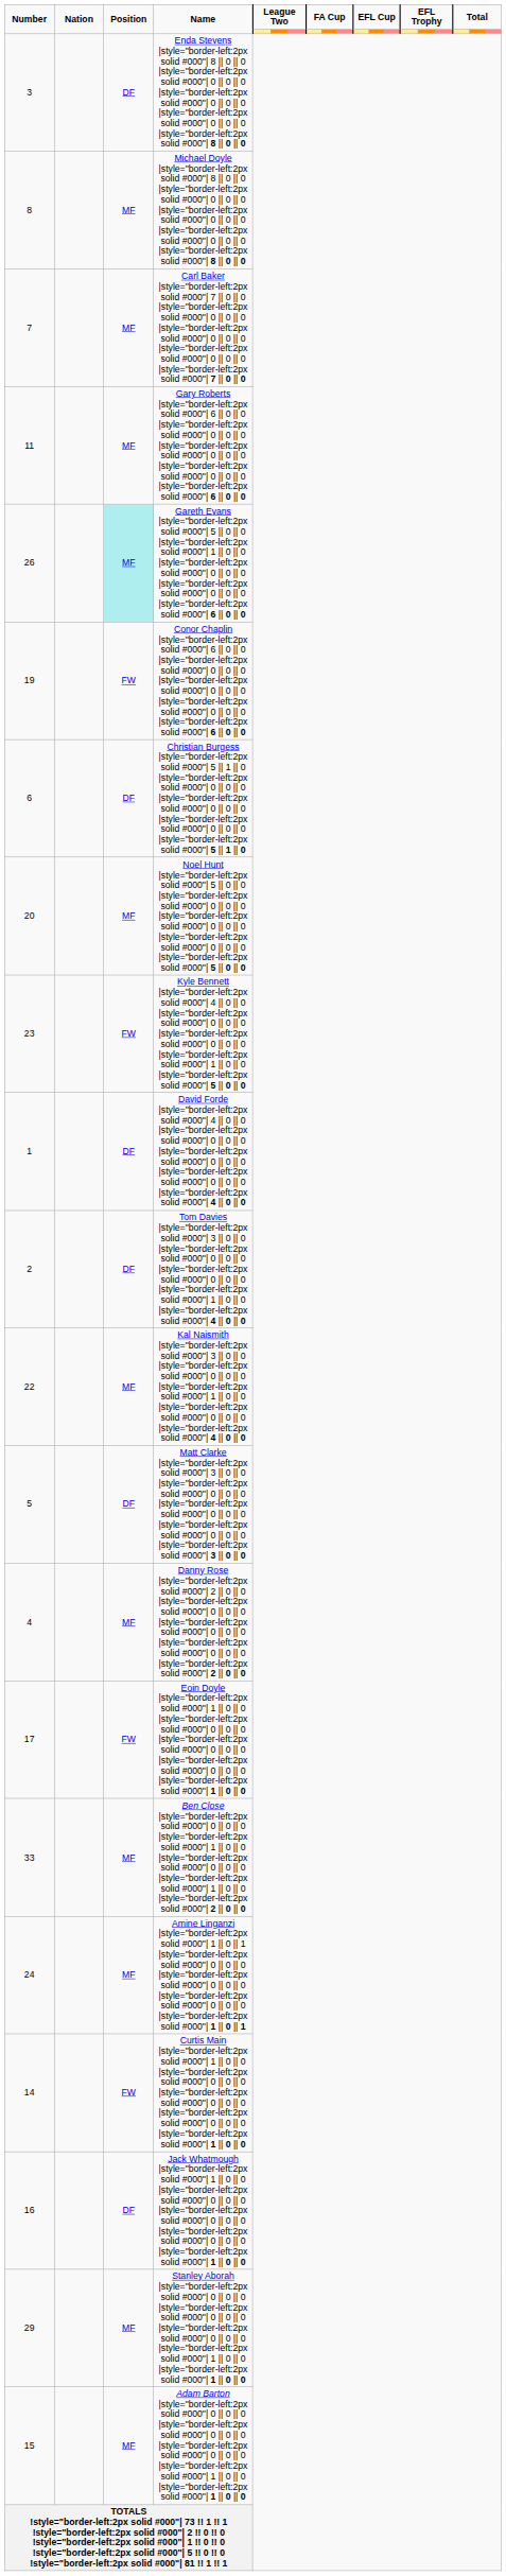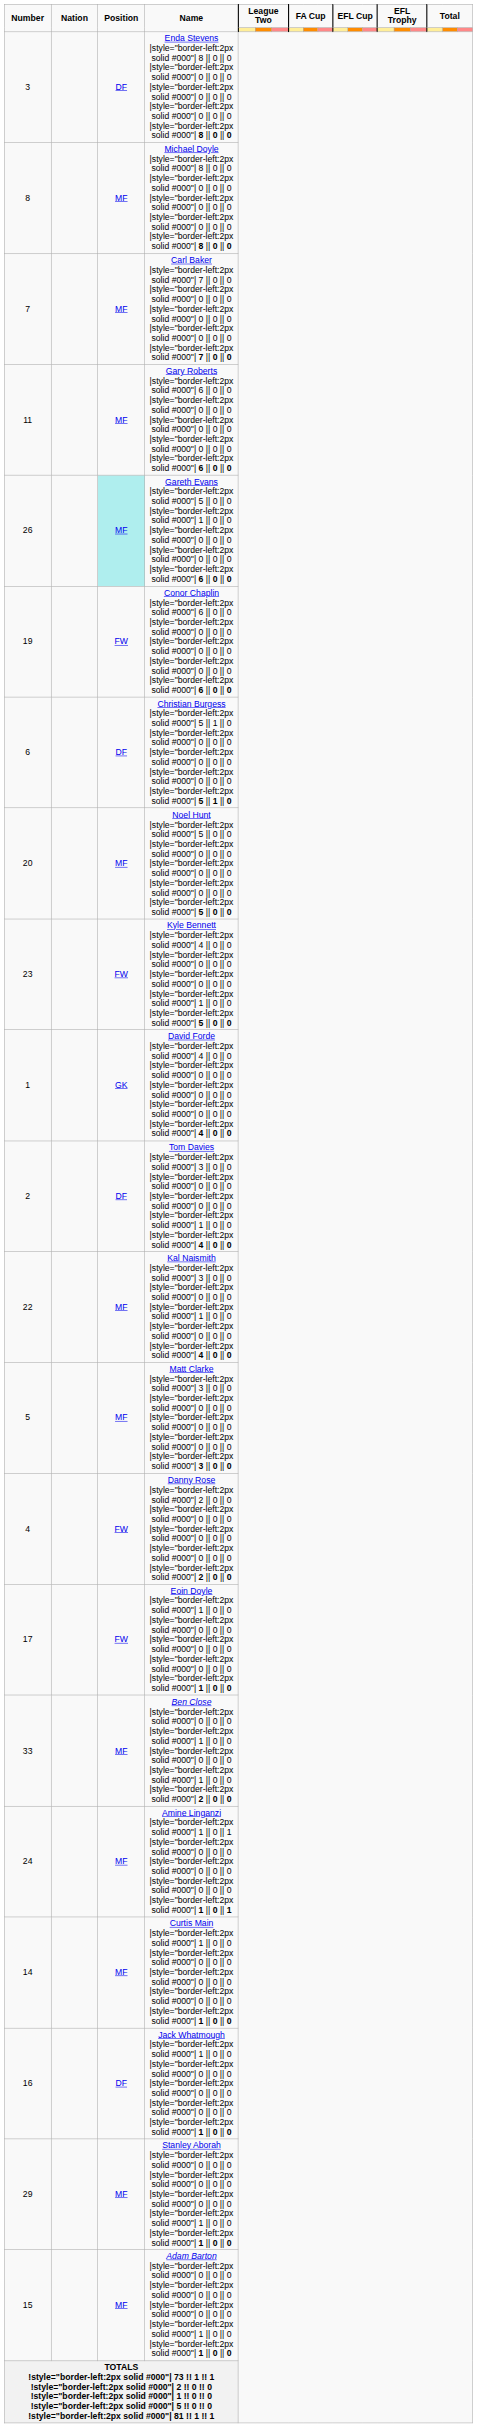 <table class="wikitable" style="text-align:center">
 <tr style="text-align:center">
 <td rowspan="2" style="width:10%; "><strong>Number</strong></td>
 <td rowspan="2" style="width:10%; "><strong>Nation</strong></td>
 <td rowspan="2" style="width:10%; "><strong>Position</strong></td>
 <td rowspan="2" style="width:20%; "><strong>Name</strong></td>
 <td colspan="3" style="border-left:2px solid #000"><strong>League Two</strong></td>
 <td colspan="3" style="border-left:2px solid #000"><strong>FA Cup</strong></td>
 <td colspan="3" style="border-left:2px solid #000"><strong>EFL Cup</strong></td>
 <td colspan="3" style="border-left:2px solid #000"><strong>EFL Trophy</strong></td>
 <td colspan="3" style="border-left:2px solid #000"><strong>Total</strong></td>
 </tr>
 <tr>
 <th style="width:30px; background:#fe9; border-left:2px solid #000"></th>
 <th style="width:30px; background:#ff8c00;"></th>
 <th style="width:30px; background:#ff8888;"></th>
 <th style="width:30px; background:#fe9; border-left:2px solid #000"></th>
 <th style="width:30px; background:#ff8c00;"></th>
 <th style="width:30px; background:#ff8888;"></th>
 <th style="width:30px; background:#fe9; border-left:2px solid #000"></th>
 <th style="width:30px; background:#ff8c00;"></th>
 <th style="width:30px; background:#ff8888;"></th>
 <th style="width:30px; background:#fe9; border-left:2px solid #000"></th>
 <th style="width:30px; background:#ff8c00;"></th>
 <th style="width:30px; background:#ff8888;"></th>
 <th style="width:30px; background:#fe9; border-left:2px solid #000"></th>
 <th style="width:30px; background:#ff8c00;"></th>
 <th style="width:30px; background:#ff8888;"></th>
 </tr>
 <tr>
 <td>3</td>
 <td></td>
 <td><a href='#'>DF</a></td>
 <td><a href='#'>Enda Stevens</a><br> |style="border-left:2px solid #000"| 8 || 0 || 0  |style="border-left:2px solid #000"| 0 || 0 || 0   |style="border-left:2px solid #000"| 0 || 0 || 0  |style="border-left:2px solid #000"| 0 || 0 || 0  |style="border-left:2px solid #000"| <strong>8</strong> || <strong>0</strong> || <strong>0</strong></td>
 </tr>
 <tr>
 <td>8</td>
 <td></td>
 <td><a href='#'>MF</a></td>
 <td><a href='#'>Michael Doyle</a><br> |style="border-left:2px solid #000"| 8 || 0 || 0  |style="border-left:2px solid #000"| 0 || 0 || 0   |style="border-left:2px solid #000"| 0 || 0 || 0  |style="border-left:2px solid #000"| 0 || 0 || 0  |style="border-left:2px solid #000"| <strong>8</strong> || <strong>0</strong> || <strong>0</strong></td>
 </tr>
 <tr>
 <td>7</td>
 <td></td>
 <td><a href='#'>MF</a></td>
 <td><a href='#'>Carl Baker</a><br> |style="border-left:2px solid #000"| 7 || 0 || 0  |style="border-left:2px solid #000"| 0 || 0 || 0   |style="border-left:2px solid #000"| 0 || 0 || 0  |style="border-left:2px solid #000"| 0 || 0 || 0  |style="border-left:2px solid #000"| <strong>7</strong> || <strong>0</strong> || <strong>0</strong></td>
 </tr>
 <tr>
 <td>11</td>
 <td></td>
 <td><a href='#'>MF</a></td>
 <td><a href='#'>Gary Roberts</a><br> |style="border-left:2px solid #000"| 6 || 0 || 0  |style="border-left:2px solid #000"| 0 || 0 || 0   |style="border-left:2px solid #000"| 0 || 0 || 0  |style="border-left:2px solid #000"| 0 || 0 || 0  |style="border-left:2px solid #000"| <strong>6</strong> || <strong>0</strong> || <strong>0</strong></td>
 </tr>
 <tr>
 <td>26</td>
 <td></td>
 <td style="background: paleturquoise;"><a href='#'>MF</a></td>
 <td><a href='#'>Gareth Evans</a><br> |style="border-left:2px solid #000"| 5 || 0 || 0  |style="border-left:2px solid #000"| 1 || 0 || 0   |style="border-left:2px solid #000"| 0 || 0 || 0  |style="border-left:2px solid #000"| 0 || 0 || 0  |style="border-left:2px solid #000"| <strong>6</strong> || <strong>0</strong> || <strong>0</strong></td>
 </tr>
 <tr>
 <td>19</td>
 <td></td>
 <td><a href='#'>FW</a></td>
 <td><a href='#'>Conor Chaplin</a><br> |style="border-left:2px solid #000"| 6 || 0 || 0  |style="border-left:2px solid #000"| 0 || 0 || 0   |style="border-left:2px solid #000"| 0 || 0 || 0  |style="border-left:2px solid #000"| 0 || 0 || 0  |style="border-left:2px solid #000"| <strong>6</strong> || <strong>0</strong> || <strong>0</strong></td>
 </tr>
 <tr>
 <td>6</td>
 <td></td>
 <td><a href='#'>DF</a></td>
 <td><a href='#'>Christian Burgess</a><br> |style="border-left:2px solid #000"| 5 || 1 || 0  |style="border-left:2px solid #000"| 0 || 0 || 0   |style="border-left:2px solid #000"| 0 || 0 || 0  |style="border-left:2px solid #000"| 0 || 0 || 0  |style="border-left:2px solid #000"| <strong>5</strong> || <strong>1</strong> || <strong>0</strong></td>
 </tr>
 <tr>
 <td>20</td>
 <td></td>
 <td><a href='#'>MF</a></td>
 <td><a href='#'>Noel Hunt</a><br> |style="border-left:2px solid #000"| 5 || 0 || 0  |style="border-left:2px solid #000"| 0 || 0 || 0   |style="border-left:2px solid #000"| 0 || 0 || 0  |style="border-left:2px solid #000"| 0 || 0 || 0  |style="border-left:2px solid #000"| <strong>5</strong> || <strong>0</strong> || <strong>0</strong></td>
 </tr>
 <tr>
 <td>23</td>
 <td></td>
 <td><a href='#'>FW</a></td>
 <td><a href='#'>Kyle Bennett</a><br> |style="border-left:2px solid #000"| 4 || 0 || 0  |style="border-left:2px solid #000"| 0 || 0 || 0   |style="border-left:2px solid #000"| 0 || 0 || 0  |style="border-left:2px solid #000"| 1 || 0 || 0  |style="border-left:2px solid #000"| <strong>5</strong> || <strong>0</strong> || <strong>0</strong></td>
 </tr>
 <tr>
 <td>1</td>
 <td></td>
-<td><a href='#'>DF</a></td>
+<td><a href='#'>GK</a></td>
 <td><a href='#'>David Forde</a><br> |style="border-left:2px solid #000"| 4 || 0 || 0  |style="border-left:2px solid #000"| 0 || 0 || 0   |style="border-left:2px solid #000"| 0 || 0 || 0  |style="border-left:2px solid #000"| 0 || 0 || 0  |style="border-left:2px solid #000"| <strong>4</strong> || <strong>0</strong> || <strong>0</strong></td>
 </tr>
 <tr>
 <td>2</td>
 <td></td>
 <td><a href='#'>DF</a></td>
 <td><a href='#'>Tom Davies</a><br> |style="border-left:2px solid #000"| 3 || 0 || 0  |style="border-left:2px solid #000"| 0 || 0 || 0   |style="border-left:2px solid #000"| 0 || 0 || 0  |style="border-left:2px solid #000"| 1 || 0 || 0  |style="border-left:2px solid #000"| <strong>4</strong> || <strong>0</strong> || <strong>0</strong></td>
 </tr>
 <tr>
 <td>22</td>
 <td></td>
 <td><a href='#'>MF</a></td>
 <td><a href='#'>Kal Naismith</a><br> |style="border-left:2px solid #000"| 3 || 0 || 0  |style="border-left:2px solid #000"| 0 || 0 || 0   |style="border-left:2px solid #000"| 1 || 0 || 0  |style="border-left:2px solid #000"| 0 || 0 || 0  |style="border-left:2px solid #000"| <strong>4</strong> || <strong>0</strong> || <strong>0</strong></td>
 </tr>
 <tr>
 <td>5</td>
 <td></td>
-<td><a href='#'>DF</a></td>
+<td><a href='#'>MF</a></td>
 <td><a href='#'>Matt Clarke</a><br> |style="border-left:2px solid #000"| 3 || 0 || 0  |style="border-left:2px solid #000"| 0 || 0 || 0   |style="border-left:2px solid #000"| 0 || 0 || 0  |style="border-left:2px solid #000"| 0 || 0 || 0  |style="border-left:2px solid #000"| <strong>3</strong> || <strong>0</strong> || <strong>0</strong></td>
 </tr>
 <tr>
 <td>4</td>
 <td></td>
-<td><a href='#'>MF</a></td>
+<td><a href='#'>FW</a></td>
 <td><a href='#'>Danny Rose</a><br> |style="border-left:2px solid #000"| 2 || 0 || 0  |style="border-left:2px solid #000"| 0 || 0 || 0   |style="border-left:2px solid #000"| 0 || 0 || 0  |style="border-left:2px solid #000"| 0 || 0 || 0  |style="border-left:2px solid #000"| <strong>2</strong> || <strong>0</strong> || <strong>0</strong></td>
 </tr>
 <tr>
 <td>17</td>
 <td></td>
 <td><a href='#'>FW</a></td>
 <td><a href='#'>Eoin Doyle</a><br> |style="border-left:2px solid #000"| 1 || 0 || 0  |style="border-left:2px solid #000"| 0 || 0 || 0   |style="border-left:2px solid #000"| 0 || 0 || 0  |style="border-left:2px solid #000"| 0 || 0 || 0  |style="border-left:2px solid #000"| <strong>1</strong> || <strong>0</strong> || <strong>0</strong></td>
 </tr>
 <tr>
 <td>33</td>
 <td></td>
 <td><a href='#'>MF</a></td>
 <td><em><a href='#'>Ben Close</a></em><br> |style="border-left:2px solid #000"| 0 || 0 || 0  |style="border-left:2px solid #000"| 1 || 0 || 0   |style="border-left:2px solid #000"| 0 || 0 || 0  |style="border-left:2px solid #000"| 1 || 0 || 0  |style="border-left:2px solid #000"| <strong>2</strong> || <strong>0</strong> || <strong>0</strong></td>
 </tr>
 <tr>
 <td>24</td>
 <td></td>
 <td><a href='#'>MF</a></td>
 <td><a href='#'>Amine Linganzi</a><br> |style="border-left:2px solid #000"| 1 || 0 || 1  |style="border-left:2px solid #000"| 0 || 0 || 0   |style="border-left:2px solid #000"| 0 || 0 || 0  |style="border-left:2px solid #000"| 0 || 0 || 0  |style="border-left:2px solid #000"| <strong>1</strong> || <strong>0</strong> || <strong>1</strong></td>
 </tr>
 <tr>
 <td>14</td>
 <td></td>
-<td><a href='#'>FW</a></td>
+<td><a href='#'>MF</a></td>
 <td><a href='#'>Curtis Main</a><br> |style="border-left:2px solid #000"| 1 || 0 || 0  |style="border-left:2px solid #000"| 0 || 0 || 0   |style="border-left:2px solid #000"| 0 || 0 || 0  |style="border-left:2px solid #000"| 0 || 0 || 0  |style="border-left:2px solid #000"| <strong>1</strong> || <strong>0</strong> || <strong>0</strong></td>
 </tr>
 <tr>
 <td>16</td>
 <td></td>
 <td><a href='#'>DF</a></td>
 <td><a href='#'>Jack Whatmough</a><br> |style="border-left:2px solid #000"| 1 || 0 || 0  |style="border-left:2px solid #000"| 0 || 0 || 0   |style="border-left:2px solid #000"| 0 || 0 || 0  |style="border-left:2px solid #000"| 0 || 0 || 0  |style="border-left:2px solid #000"| <strong>1</strong> || <strong>0</strong> || <strong>0</strong></td>
 </tr>
 <tr>
 <td>29</td>
 <td></td>
 <td><a href='#'>MF</a></td>
 <td><a href='#'>Stanley Aborah</a><br> |style="border-left:2px solid #000"| 0 || 0 || 0  |style="border-left:2px solid #000"| 0 || 0 || 0   |style="border-left:2px solid #000"| 0 || 0 || 0  |style="border-left:2px solid #000"| 1 || 0 || 0  |style="border-left:2px solid #000"| <strong>1</strong> || <strong>0</strong> || <strong>0</strong></td>
 </tr>
 <tr>
 <td>15</td>
 <td></td>
 <td><a href='#'>MF</a></td>
 <td><em><a href='#'>Adam Barton</a></em><br> |style="border-left:2px solid #000"| 0 || 0 || 0  |style="border-left:2px solid #000"| 0 || 0 || 0   |style="border-left:2px solid #000"| 0 || 0 || 0  |style="border-left:2px solid #000"| 1 || 0 || 0  |style="border-left:2px solid #000"| <strong>1</strong> || <strong>0</strong> || <strong>0</strong></td>
 </tr>
 <tr>
 <th colspan="4">TOTALS<br> !style="border-left:2px solid #000"| 73 !! 1 !! 1  !style="border-left:2px solid #000"| <strong>2</strong> !! <strong>0</strong> !! <strong>0</strong>  !style="border-left:2px solid #000"| <strong>1</strong> !! <strong>0</strong> !! <strong>0</strong>  !style="border-left:2px solid #000"| <strong>5</strong> !! <strong>0</strong> !! <strong>0</strong>  !style="border-left:2px solid #000"| <strong>81</strong> !! <strong>1</strong> !! <strong>1</strong></th>
 </tr>
 </table>
